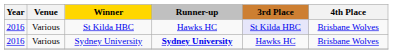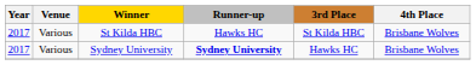 <table class="wikitable" style="font-size: 90%; text-align: center;">
 <tr>
 <th width="5%">Year</th>
 <th width="10%">Venue</th>
 <td style="background:gold;"><strong>Winner</strong></td>
 <td style="background:silver;"><strong>Runner-up</strong></td>
 <td style="background:#CD7F32;"><strong>3rd Place</strong></td>
 <th>4th Place</th>
 </tr>
 <tr>
-<td><a href='#'>2016</a></td>
+<td><a href='#'>2017</a></td>
 <td>Various</td>
 <td><a href='#'>St Kilda HBC</a></td>
 <td><a href='#'>Hawks HC</a></td>
-<td style="background: lavender;"><a href='#'>St Kilda HBC</a></td>
+<td><a href='#'>St Kilda HBC</a></td>
 <td><a href='#'>Brisbane Wolves</a></td>
 </tr>
 <tr>
-<td><a href='#'>2016</a></td>
+<td><a href='#'>2017</a></td>
 <td>Various</td>
 <td><a href='#'>Sydney University</a></td>
 <td><strong><a href='#'>Sydney University</a></strong></td>
 <td><a href='#'>Hawks HC</a></td>
 <td><a href='#'>Brisbane Wolves</a></td>
 </tr>
 <tr>
 </tr>
 </table>
